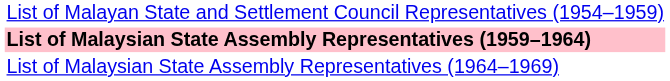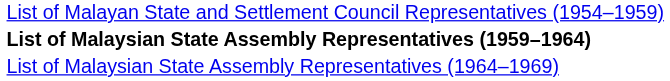 <table id=toc style="float:right">
 <tr>
 <td><a href='#'>List of Malayan State and Settlement Council Representatives (1954–1959)</a></td>
 </tr>
 <tr>
-<td style="background: pink;"><strong>List of Malaysian State Assembly Representatives (1959–1964)</strong></td>
+<td><strong>List of Malaysian State Assembly Representatives (1959–1964)</strong></td>
 </tr>
 <tr>
 <td><a href='#'>List of Malaysian State Assembly Representatives (1964–1969)</a></td>
 </tr>
 </table>
